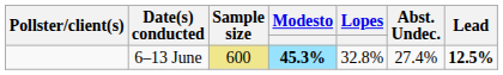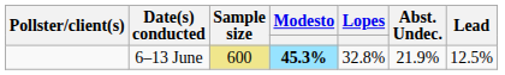 <table class="wikitable" style="text-align:center;font-size:90%;line-height:14px;">
 <tr>
 <th rowspan="2">Pollster/client(s)</th>
 <th rowspan="2">Date(s)<br>conducted</th>
 <th rowspan="2">Sample<br>size</th>
 <th><a href='#'>Modesto</a><br></th>
 <th><a href='#'>Lopes</a><br></th>
 <th rowspan="2">Abst.<br>Undec.</th>
 <th rowspan="2">Lead</th>
 </tr>
 <tr>
 <th class="sortable" data-sort-type="number" style="background:"></th>
 <th class="sortable" data-sort-type="number" style="background:"></th>
 </tr>
 <tr>
 <td></td>
 <td>6–13 June</td>
 <td style="background: khaki;">600</td>
 <td style="background:#97e3ff;"><strong>45.3%</strong></td>
 <td>32.8%</td>
-<td>27.4%</td>
-<td style="background:"><strong>12.5%</strong></td>
+<td>21.9%</td>
+<td style="background:">12.5%</td>
 </tr>
 </table>
